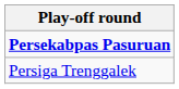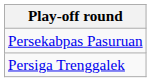 <table class="wikitable">
 <tr>
 <th><strong>Play-off round</strong></th>
 </tr>
 <tr>
-<td><strong><a href='#'>Persekabpas Pasuruan</a></strong></td>
+<td><a href='#'>Persekabpas Pasuruan</a></td>
 </tr>
 <tr>
 <td><a href='#'>Persiga Trenggalek</a></td>
 </tr>
 </table>
